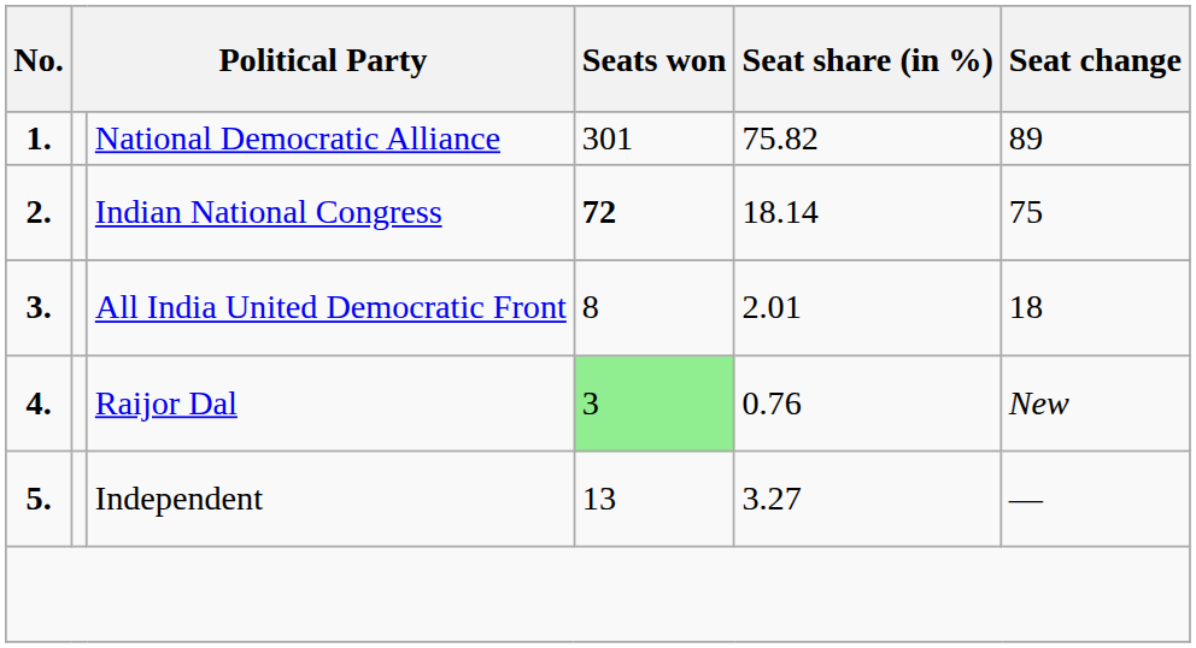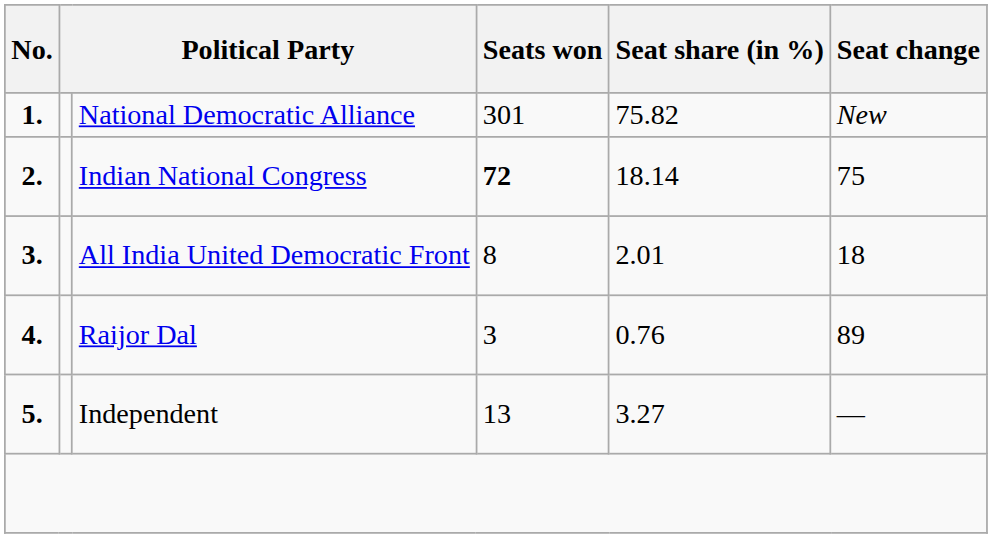 <table class="wikitable">
 <tr style="height: 50px;">
 <th scope="col">No.</th>
 <th colspan="2">Political Party</th>
 <th scope="col">Seats won</th>
 <th scope="col">Seat share (in %)</th>
 <th scope="col">Seat change</th>
 </tr>
 <tr>
 <td ! style="text-align:center;"><strong>1.</strong></td>
 <td bgcolor=></td>
 <td><a href='#'>National Democratic Alliance</a></td>
 <td>301</td>
 <td>75.82</td>
-<td>89</td>
+<td><em>New</em></td>
 </tr>
 <tr style="height: 45px;">
 <td ! style="text-align:center;"><strong>2.</strong></td>
 <td bgcolor=></td>
 <td><a href='#'>Indian National Congress</a></td>
 <td><strong>72</strong></td>
 <td>18.14</td>
 <td>75</td>
 </tr>
 <tr style="height: 45px;">
 <td ! style="text-align:center;"><strong>3.</strong></td>
 <td bgcolor=></td>
 <td><a href='#'>All India United Democratic Front</a></td>
 <td>8</td>
 <td>2.01</td>
 <td>18</td>
 </tr>
 <tr style="height: 45px;">
 <td ! style="text-align:center;"><strong>4.</strong></td>
 <td bgcolor=></td>
 <td><a href='#'>Raijor Dal</a></td>
-<td style="background: lightgreen;">3</td>
+<td>3</td>
 <td>0.76</td>
-<td><em>New</em></td>
+<td>89</td>
 </tr>
 <tr style="height: 45px;">
 <td ! style="text-align:center;"><strong>5.</strong></td>
 <td bgcolor=></td>
 <td>Independent</td>
 <td>13</td>
 <td>3.27</td>
 <td>—</td>
 </tr>
 <tr style="height: 45px;">
 </tr>
 </table>
